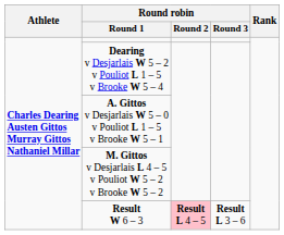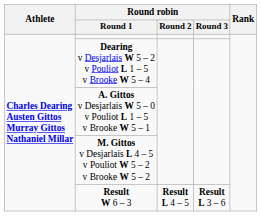 <table class=wikitable style="font-size:90%;text-align:center">
 <tr>
 <th rowspan="2">Athlete</th>
 <th colspan=3>Round robin</th>
 <th rowspan=2>Rank</th>
 </tr>
 <tr style="font-size:95%">
 <th>Round 1</th>
 <th>Round 2</th>
 <th>Round 3</th>
 </tr>
 <tr>
 <td rowspan=5 style="text-align:left;"><strong><a href='#'>Charles Dearing</a><br><a href='#'>Austen Gittos</a><br><a href='#'>Murray Gittos</a><br><a href='#'>Nathaniel Millar</a></strong></td>
 <td></td>
 <td></td>
 <td></td>
 <td rowspan=5></td>
 </tr>
 <tr>
 <td><strong>Dearing</strong><br>v <a href='#'>Desjarlais</a> <strong>W</strong> 5 – 2<br>v <a href='#'>Pouliot</a> <strong>L</strong> 1 – 5<br>v <a href='#'>Brooke</a> <strong>W</strong> 5 – 4</td>
 <td rowspan=3></td>
 <td rowspan=3></td>
 </tr>
 <tr>
 <td><strong>A. Gittos</strong><br>v Desjarlais <strong>W</strong> 5 – 0<br>v Pouliot <strong>L</strong> 1 – 5<br>v Brooke <strong>W</strong> 5 – 1<br></td>
 </tr>
 <tr>
 <td><strong>M. Gittos</strong><br>v Desjarlais <strong>L</strong> 4 – 5<br>v Pouliot <strong>W</strong> 5 – 2<br>v Brooke <strong>W</strong> 5 – 2</td>
 </tr>
 <tr>
 <td><strong>Result</strong><br><strong>W</strong> 6 – 3</td>
-<td style="background: pink;"><strong>Result</strong><br><strong>L</strong> 4 – 5</td>
+<td><strong>Result</strong><br><strong>L</strong> 4 – 5</td>
 <td><strong>Result</strong><br><strong>L</strong> 3 – 6</td>
 </tr>
 </table>
